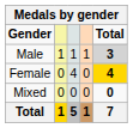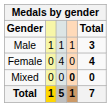 <table class="wikitable" style="font-size:85%">
 <tr style="background:#efefef;">
 <th colspan=7><strong>Medals by gender</strong></th>
 </tr>
 <tr align=center>
 <td><strong>Gender</strong></td>
 <td bgcolor=#f7f6a8></td>
 <td bgcolor=#dce5e5></td>
 <td bgcolor=#ffdab9></td>
 <td><strong>Total</strong></td>
 </tr>
 <tr align=center>
 <td>Male</td>
 <td style="background:#F7F6A8;">1</td>
 <td style="background:#DCE5E5;">1</td>
 <td style="background:#FFDAB9;">1</td>
-<td style="background: lightgrey;"><strong>3</strong></td>
+<td><strong>3</strong></td>
 </tr>
 <tr align=center>
 <td>Female</td>
 <td style="background:#F7F6A8;">0</td>
 <td style="background:#DCE5E5;">4</td>
 <td style="background:#FFDAB9;">0</td>
-<td style="background: gold;"><strong>4</strong></td>
+<td><strong>4</strong></td>
 </tr>
 <tr align=center>
 <td>Mixed</td>
 <td style="background:#F7F6A8;">0</td>
 <td style="background:#DCE5E5;">0</td>
-<td style="background:#FFDAB9;">0</td>
+<td style="background:#FFDAB9;"><strong>0</strong></td>
 <td><strong>0</strong></td>
 </tr>
 <tr align=center>
 <th><strong>Total</strong></th>
 <th style="background:gold;"><strong>1</strong></th>
 <th style="background:silver;"><strong>5</strong></th>
 <th style="background:#c96;"><strong>1</strong></th>
 <th><strong>7</strong></th>
 </tr>
 </table>
